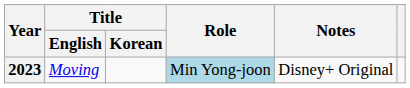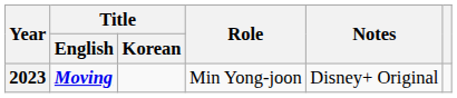 <table class="wikitable sortable plainrowheaders">
 <tr>
 <th rowspan="2" scope="col">Year</th>
 <th colspan="2" scope="col">Title</th>
 <th rowspan="2" scope="col">Role</th>
 <th rowspan="2" scope="col">Notes</th>
 <th rowspan="2" scope="col" class="unsortable"></th>
 </tr>
 <tr>
 <th>English</th>
 <th>Korean</th>
 </tr>
 <tr>
 <th scope="row">2023</th>
-<td><em><a href='#'>Moving</a></em></td>
+<td><strong><em><a href='#'>Moving</a></em></strong></td>
 <td></td>
-<td style="background: lightblue;">Min Yong-joon</td>
+<td>Min Yong-joon</td>
 <td>Disney+ Original</td>
 <td></td>
 </tr>
 </table>
